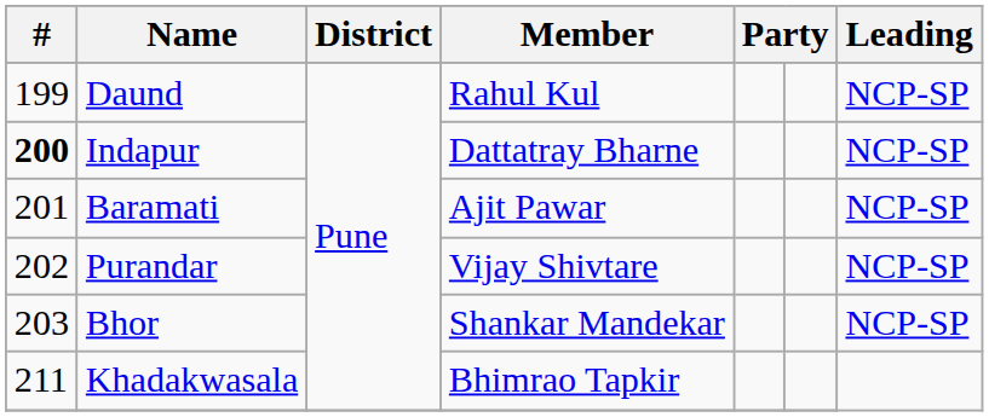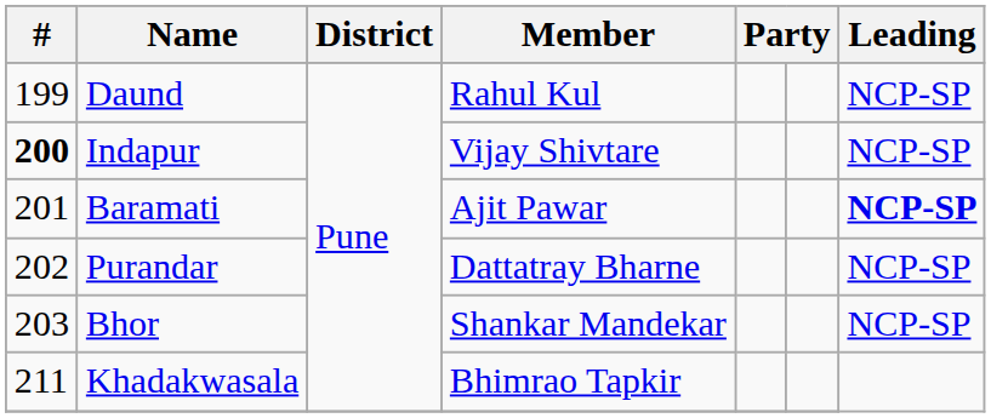 <table class="wikitable">
 <tr>
 <th>#</th>
 <th>Name</th>
 <th>District</th>
 <th>Member</th>
 <th colspan="2">Party</th>
 <th colspan=2>Leading<br></th>
 </tr>
 <tr>
 <td>199</td>
 <td><a href='#'>Daund</a></td>
 <td rowspan="6"><a href='#'>Pune</a></td>
 <td><a href='#'>Rahul Kul</a></td>
 <td></td>
 <td style="background-color: "></td>
 <td><a href='#'>NCP-SP</a></td>
 </tr>
 <tr>
 <td><strong>200</strong></td>
 <td><a href='#'>Indapur</a></td>
-<td><a href='#'>Dattatray Bharne</a></td>
+<td><a href='#'>Vijay Shivtare</a></td>
 <td></td>
 <td style="background-color: "></td>
 <td><a href='#'>NCP-SP</a></td>
 </tr>
 <tr>
 <td>201</td>
 <td><a href='#'>Baramati</a></td>
 <td><a href='#'>Ajit Pawar</a></td>
 <td></td>
 <td style="background-color: "></td>
-<td><a href='#'>NCP-SP</a></td>
+<td><strong><a href='#'>NCP-SP</a></strong></td>
 </tr>
 <tr>
 <td>202</td>
 <td><a href='#'>Purandar</a></td>
-<td><a href='#'>Vijay Shivtare</a></td>
+<td><a href='#'>Dattatray Bharne</a></td>
 <td></td>
 <td style="background-color: "></td>
 <td><a href='#'>NCP-SP</a></td>
 </tr>
 <tr>
 <td>203</td>
 <td><a href='#'>Bhor</a></td>
 <td><a href='#'>Shankar Mandekar</a></td>
 <td></td>
 <td style="background-color: "></td>
 <td><a href='#'>NCP-SP</a></td>
 </tr>
 <tr>
 <td>211</td>
 <td><a href='#'>Khadakwasala</a></td>
 <td><a href='#'>Bhimrao Tapkir</a></td>
 <td></td>
 <td></td>
 </tr>
 <tr>
 </tr>
 </table>
